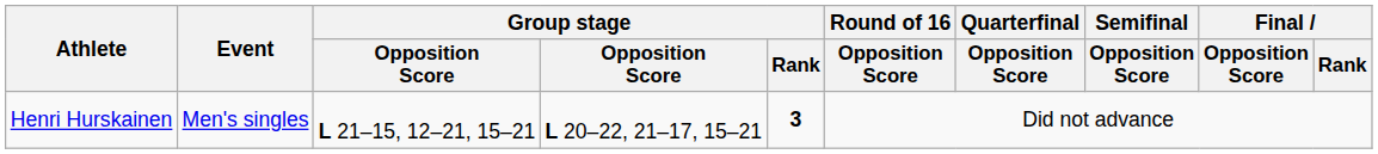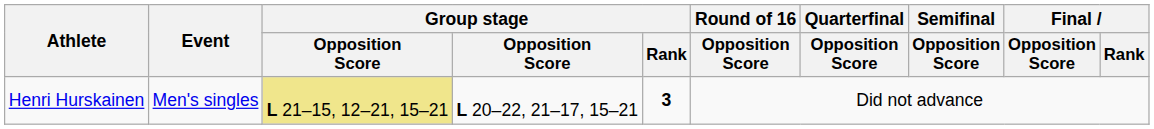 <table class="wikitable" style="font-size:90%">
 <tr>
 <th rowspan=2>Athlete</th>
 <th rowspan=2>Event</th>
 <th colspan=3>Group stage</th>
 <th>Round of 16</th>
 <th>Quarterfinal</th>
 <th>Semifinal</th>
 <th colspan=2>Final / </th>
 </tr>
 <tr style="font-size:95%">
 <th>Opposition<br>Score</th>
 <th>Opposition<br>Score</th>
 <th>Rank</th>
 <th>Opposition<br>Score</th>
 <th>Opposition<br>Score</th>
 <th>Opposition<br>Score</th>
 <th>Opposition<br>Score</th>
 <th>Rank</th>
 </tr>
 <tr align=center>
 <td align=left><a href='#'>Henri Hurskainen</a></td>
 <td align=left><a href='#'>Men's singles</a></td>
-<td><br><strong>L</strong> 21–15, 12–21, 15–21</td>
+<td style="background: khaki;"><br><strong>L</strong> 21–15, 12–21, 15–21</td>
 <td><br><strong>L</strong> 20–22, 21–17, 15–21</td>
 <td><strong>3</strong></td>
 <td colspan=5>Did not advance</td>
 </tr>
 </table>
